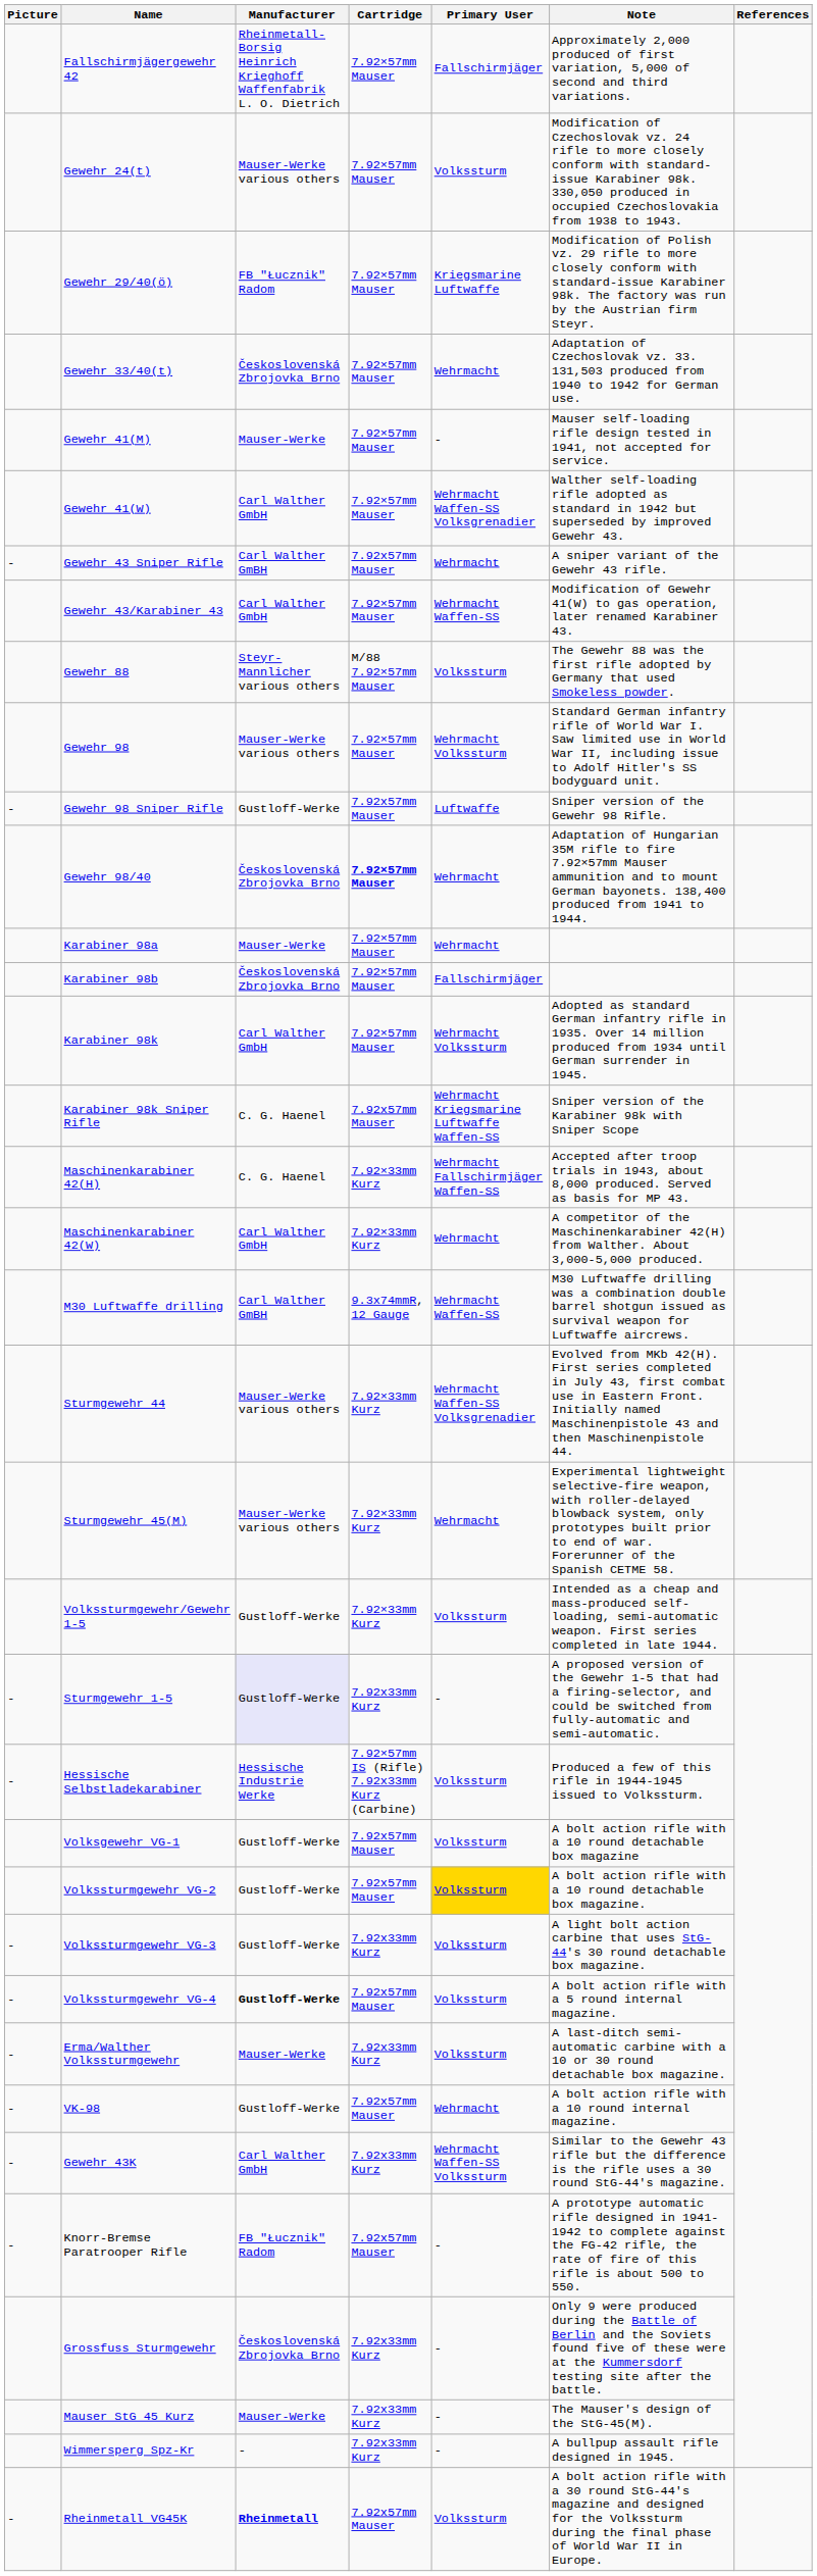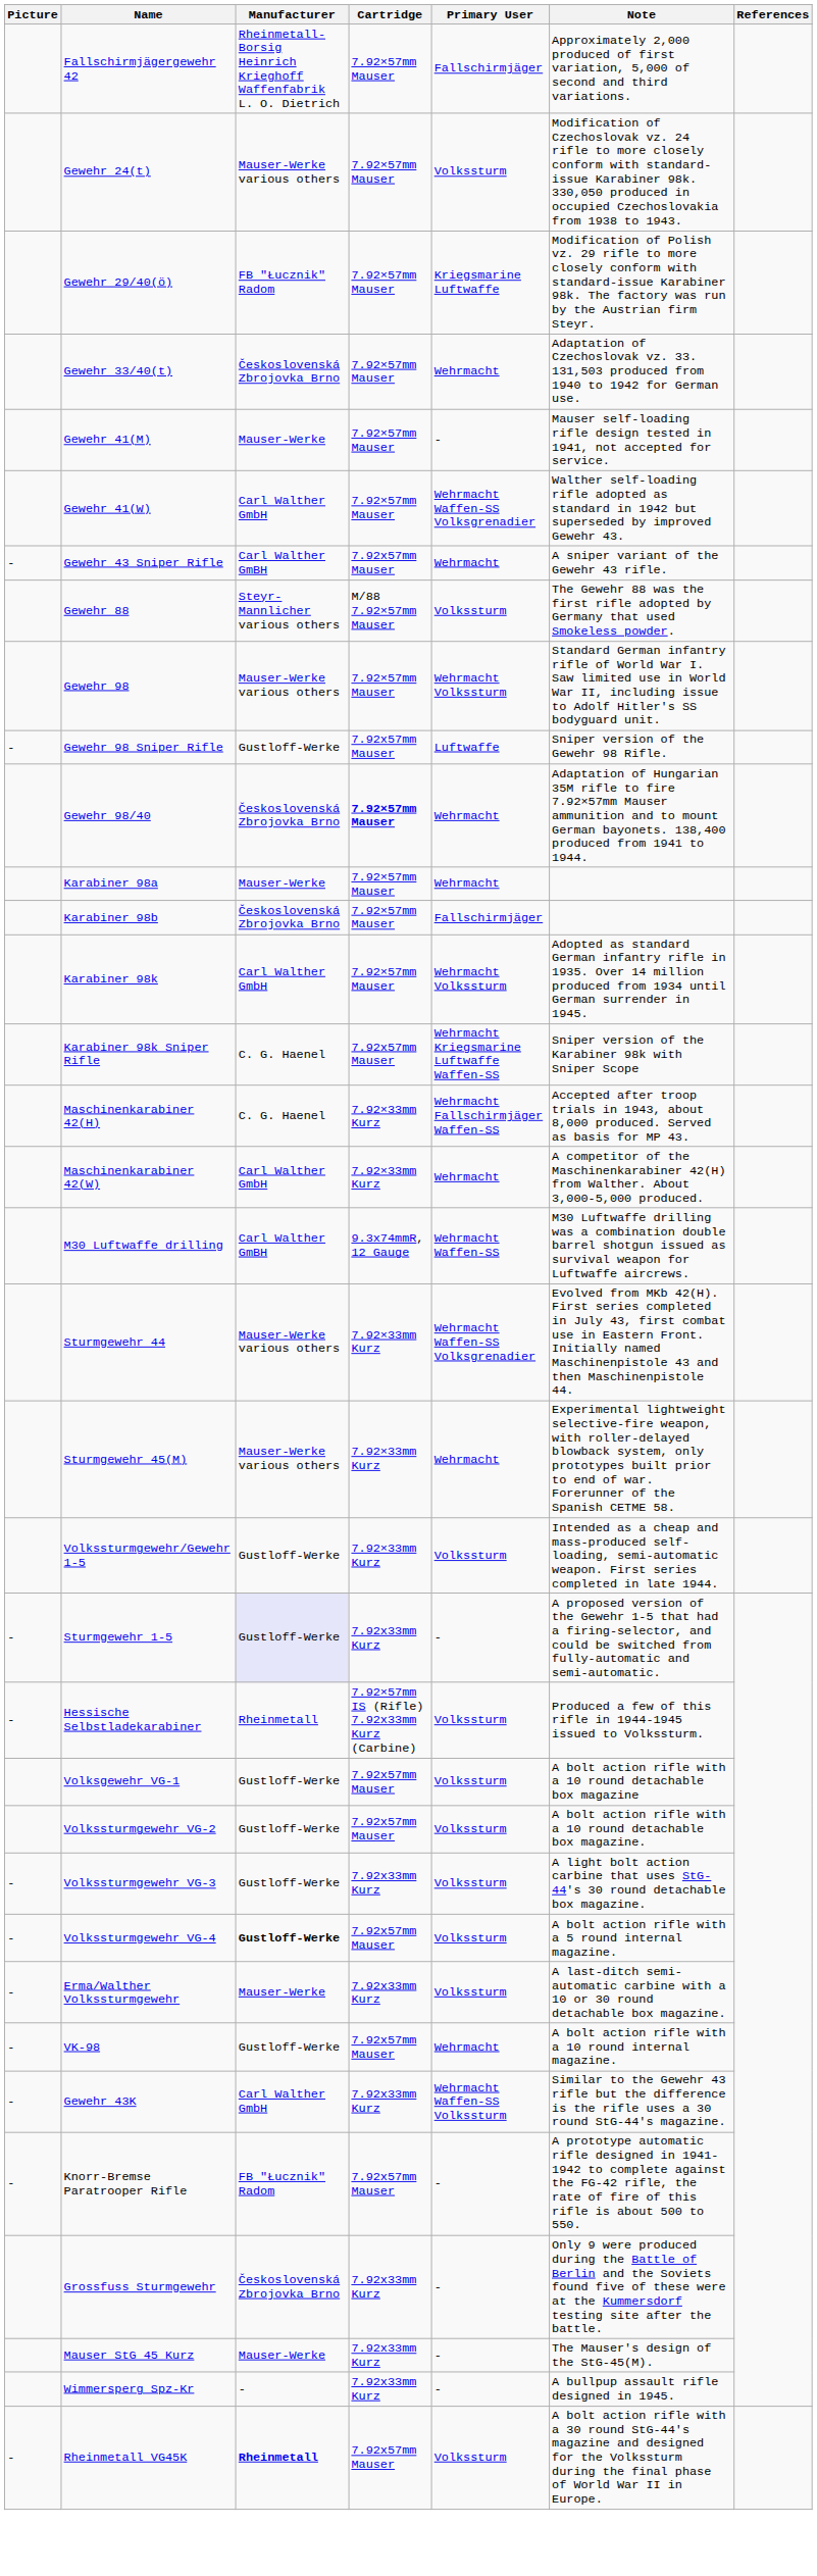 <table class="wikitable sortable">
 <tr>
 <th>Picture</th>
 <th>Name</th>
 <th>Manufacturer</th>
 <th>Cartridge</th>
 <th>Primary User</th>
 <th>Note</th>
 <th>References</th>
 </tr>
 <tr>
 <td></td>
 <td><a href='#'>Fallschirmjägergewehr 42</a></td>
 <td><a href='#'>Rheinmetall-Borsig</a> <br> <a href='#'>Heinrich Krieghoff Waffenfabrik</a> <br> L. O. Dietrich</td>
 <td><a href='#'>7.92×57mm Mauser</a></td>
 <td><a href='#'>Fallschirmjäger</a></td>
 <td>Approximately 2,000 produced of first variation, 5,000 of second and third variations.</td>
 <td></td>
 </tr>
 <tr>
 <td></td>
 <td><a href='#'>Gewehr 24(t)</a></td>
 <td><a href='#'>Mauser-Werke</a> <br> various others</td>
 <td><a href='#'>7.92×57mm Mauser</a></td>
 <td><a href='#'>Volkssturm</a></td>
 <td>Modification of Czechoslovak vz. 24 rifle to more closely conform with standard-issue Karabiner 98k. 330,050 produced in occupied Czechoslovakia from 1938 to 1943.</td>
 <td></td>
 </tr>
 <tr>
 <td></td>
 <td><a href='#'>Gewehr 29/40(ö)</a></td>
 <td><a href='#'>FB "Łucznik" Radom</a></td>
 <td><a href='#'>7.92×57mm Mauser</a></td>
 <td><a href='#'>Kriegsmarine</a><br><a href='#'>Luftwaffe</a></td>
 <td>Modification of Polish vz. 29 rifle to more closely conform with standard-issue Karabiner 98k.  The factory was run by the Austrian firm Steyr.</td>
 <td></td>
 </tr>
 <tr>
 <td><br></td>
 <td><a href='#'>Gewehr 33/40(t)</a></td>
 <td><a href='#'>Československá Zbrojovka Brno</a></td>
 <td><a href='#'>7.92×57mm Mauser</a></td>
 <td><a href='#'>Wehrmacht</a></td>
 <td>Adaptation of Czechoslovak vz. 33. 131,503 produced from 1940 to 1942 for German use.</td>
 <td></td>
 </tr>
 <tr>
 <td></td>
 <td><a href='#'>Gewehr 41(M)</a></td>
 <td><a href='#'>Mauser-Werke</a></td>
 <td><a href='#'>7.92×57mm Mauser</a></td>
 <td>-</td>
 <td>Mauser self-loading rifle design tested in 1941, not accepted for service.</td>
 <td></td>
 </tr>
 <tr>
 <td></td>
 <td><a href='#'>Gewehr 41(W)</a></td>
 <td><a href='#'>Carl Walther GmbH</a></td>
 <td><a href='#'>7.92×57mm Mauser</a></td>
 <td><a href='#'>Wehrmacht</a> <br> <a href='#'>Waffen-SS</a> <br> <a href='#'>Volksgrenadier</a></td>
 <td>Walther self-loading rifle adopted as standard in 1942 but superseded by improved Gewehr 43.</td>
 <td></td>
 </tr>
 <tr>
 <td>-</td>
 <td><a href='#'>Gewehr 43 Sniper Rifle</a></td>
 <td><a href='#'>Carl Walther GmBH</a></td>
 <td><a href='#'>7.92x57mm Mauser</a></td>
 <td><a href='#'>Wehrmacht</a></td>
 <td>A sniper variant of the Gewehr 43 rifle.</td>
-</tr>
-<tr>
-<td></td>
-<td><a href='#'>Gewehr 43/Karabiner 43</a></td>
-<td><a href='#'>Carl Walther GmbH</a></td>
-<td><a href='#'>7.92×57mm Mauser</a></td>
-<td><a href='#'>Wehrmacht</a> <br> <a href='#'>Waffen-SS</a></td>
-<td>Modification of Gewehr 41(W) to gas operation, later renamed Karabiner 43.</td>
-<td></td>
 </tr>
 <tr>
 <td></td>
 <td><a href='#'>Gewehr 88</a></td>
 <td><a href='#'>Steyr-Mannlicher</a> <br> various others</td>
 <td>M/88 <br> <a href='#'>7.92×57mm Mauser</a></td>
 <td><a href='#'>Volkssturm</a></td>
 <td>The Gewehr 88 was the first rifle adopted by Germany that used <a href='#'>Smokeless powder</a>.</td>
 <td></td>
 </tr>
 <tr>
 <td></td>
 <td><a href='#'>Gewehr 98</a></td>
 <td><a href='#'>Mauser-Werke</a> <br> various others</td>
 <td><a href='#'>7.92×57mm Mauser</a></td>
 <td><a href='#'>Wehrmacht</a> <br> <a href='#'>Volkssturm</a></td>
 <td>Standard German infantry rifle of World War I. Saw limited use in World War II, including issue to Adolf Hitler's SS bodyguard unit.</td>
 </tr>
 <tr>
 <td>-</td>
 <td><a href='#'>Gewehr 98 Sniper Rifle</a></td>
 <td>Gustloff-Werke</td>
 <td><a href='#'>7.92x57mm Mauser</a></td>
 <td><a href='#'>Luftwaffe</a></td>
 <td>Sniper version of the Gewehr 98 Rifle.</td>
 <td></td>
 </tr>
 <tr>
 <td></td>
 <td><a href='#'>Gewehr 98/40</a></td>
 <td><a href='#'>Československá Zbrojovka Brno</a></td>
 <td><strong><a href='#'>7.92×57mm Mauser</a></strong></td>
 <td><a href='#'>Wehrmacht</a></td>
 <td>Adaptation of Hungarian 35M rifle to fire 7.92×57mm Mauser ammunition and to mount German bayonets. 138,400 produced from 1941 to 1944.</td>
 <td></td>
 </tr>
 <tr>
 <td></td>
 <td><a href='#'>Karabiner 98a</a></td>
 <td><a href='#'>Mauser-Werke</a></td>
 <td><a href='#'>7.92×57mm Mauser</a></td>
 <td><a href='#'>Wehrmacht</a></td>
 <td></td>
 <td></td>
 </tr>
 <tr>
 <td></td>
 <td><a href='#'>Karabiner 98b</a></td>
 <td><a href='#'>Československá Zbrojovka Brno</a></td>
 <td><a href='#'>7.92×57mm Mauser</a></td>
 <td><a href='#'>Fallschirmjäger</a></td>
 <td></td>
 <td></td>
 </tr>
 <tr>
 <td></td>
 <td><a href='#'>Karabiner 98k</a></td>
 <td><a href='#'>Carl Walther GmbH</a></td>
 <td><a href='#'>7.92×57mm Mauser</a></td>
 <td><a href='#'>Wehrmacht</a> <br> <a href='#'>Volkssturm</a></td>
 <td>Adopted as standard German infantry rifle in 1935. Over 14 million produced from 1934 until German surrender in 1945.</td>
 <td></td>
 </tr>
 <tr>
 <td></td>
 <td><a href='#'>Karabiner 98k Sniper Rifle</a></td>
 <td>C. G. Haenel</td>
 <td><a href='#'>7.92x57mm Mauser</a></td>
 <td><a href='#'>Wehrmacht</a> <br> <a href='#'>Kriegsmarine</a> <br> <a href='#'>Luftwaffe</a> <br> <a href='#'>Waffen-SS</a></td>
 <td>Sniper version of the Karabiner 98k with Sniper Scope</td>
 <td></td>
 </tr>
 <tr>
 <td></td>
 <td><a href='#'>Maschinenkarabiner 42(H)</a></td>
 <td>C. G. Haenel</td>
 <td><a href='#'>7.92×33mm Kurz</a></td>
 <td><a href='#'>Wehrmacht</a><br><a href='#'>Fallschirmjäger</a> <a href='#'>Waffen-SS</a></td>
 <td>Accepted after troop trials in 1943, about 8,000 produced. Served as basis for MP 43.</td>
 <td></td>
 </tr>
 <tr>
 <td></td>
 <td><a href='#'>Maschinenkarabiner 42(W)</a></td>
 <td><a href='#'>Carl Walther GmbH</a></td>
 <td><a href='#'>7.92×33mm Kurz</a></td>
 <td><a href='#'>Wehrmacht</a></td>
 <td>A competitor of the Maschinenkarabiner 42(H) from Walther.  About 3,000-5,000 produced.</td>
 <td></td>
 </tr>
 <tr>
 <td></td>
 <td><a href='#'>M30 Luftwaffe drilling</a></td>
 <td><a href='#'>Carl Walther GmBH</a></td>
 <td><a href='#'>9.3x74mmR</a>, <a href='#'>12 Gauge</a></td>
 <td><a href='#'>Wehrmacht</a> <br> <a href='#'>Waffen-SS</a></td>
 <td>M30 Luftwaffe drilling was a combination double barrel shotgun issued as survival weapon for Luftwaffe aircrews.</td>
 <td></td>
 </tr>
 <tr>
 <td></td>
 <td><a href='#'>Sturmgewehr 44</a></td>
 <td><a href='#'>Mauser-Werke</a> <br> various others</td>
 <td><a href='#'>7.92×33mm Kurz</a></td>
 <td><a href='#'>Wehrmacht</a> <br> <a href='#'>Waffen-SS</a> <br> <a href='#'>Volksgrenadier</a></td>
 <td>Evolved from MKb 42(H). First series completed in July 43, first combat use in Eastern Front. Initially named Maschinenpistole 43 and then Maschinenpistole 44.</td>
 <td></td>
 </tr>
 <tr>
 <td></td>
 <td><a href='#'>Sturmgewehr 45(M)</a></td>
 <td><a href='#'>Mauser-Werke</a> <br> various others</td>
 <td><a href='#'>7.92×33mm Kurz</a></td>
 <td><a href='#'>Wehrmacht</a></td>
 <td>Experimental lightweight selective-fire weapon, with roller-delayed blowback system, only prototypes built prior to end of war. Forerunner of the Spanish CETME 58.</td>
 <td></td>
 </tr>
 <tr>
 <td></td>
 <td><a href='#'>Volkssturmgewehr/Gewehr 1-5</a></td>
 <td>Gustloff-Werke</td>
 <td><a href='#'>7.92×33mm Kurz</a></td>
 <td><a href='#'>Volkssturm</a></td>
 <td>Intended as a cheap and mass-produced self-loading, semi-automatic weapon. First series completed in late 1944.</td>
 <td></td>
 </tr>
 <tr>
 <td>-</td>
 <td><a href='#'>Sturmgewehr 1-5</a></td>
 <td style="background: lavender;">Gustloff-Werke</td>
 <td><a href='#'>7.92x33mm Kurz</a></td>
 <td>-</td>
 <td>A proposed version of the Gewehr 1-5 that had a firing-selector, and could be switched from fully-automatic and semi-automatic.</td>
 </tr>
 <tr>
 <td>-</td>
 <td><a href='#'>Hessische Selbstladekarabiner</a></td>
-<td><a href='#'>Hessische Industrie Werke</a></td>
+<td><a href='#'>Rheinmetall</a></td>
 <td><a href='#'>7.92×57mm IS</a> (Rifle) <br> <a href='#'>7.92x33mm Kurz</a> (Carbine)</td>
 <td><a href='#'>Volkssturm</a></td>
 <td>Produced a few of this rifle in 1944-1945 issued to Volkssturm.</td>
 </tr>
 <tr>
 <td></td>
 <td><a href='#'>Volksgewehr VG-1</a></td>
 <td>Gustloff-Werke</td>
 <td><a href='#'>7.92x57mm Mauser</a></td>
 <td><a href='#'>Volkssturm</a></td>
 <td>A bolt action rifle with a 10 round detachable box magazine</td>
 </tr>
 <tr>
 <td></td>
 <td><a href='#'>Volkssturmgewehr VG-2</a></td>
 <td>Gustloff-Werke</td>
 <td><a href='#'>7.92x57mm Mauser</a></td>
-<td style="background: gold;"><a href='#'>Volkssturm</a></td>
+<td><a href='#'>Volkssturm</a></td>
 <td>A bolt action rifle with a 10 round detachable box magazine.</td>
 </tr>
 <tr>
 <td>-</td>
 <td><a href='#'>Volkssturmgewehr VG-3</a></td>
 <td>Gustloff-Werke</td>
 <td><a href='#'>7.92x33mm Kurz</a></td>
 <td><a href='#'>Volkssturm</a></td>
 <td>A light bolt action carbine that uses <a href='#'>StG-44</a>'s 30 round detachable box magazine.</td>
 </tr>
 <tr>
 <td>-</td>
 <td><a href='#'>Volkssturmgewehr VG-4</a></td>
 <td><strong>Gustloff-Werke</strong></td>
 <td><a href='#'>7.92x57mm Mauser</a></td>
 <td><a href='#'>Volkssturm</a></td>
 <td>A bolt action rifle with a 5 round internal magazine.</td>
 </tr>
 <tr>
 <td>-</td>
 <td><a href='#'>Erma/Walther Volkssturmgewehr</a></td>
 <td><a href='#'>Mauser-Werke</a></td>
 <td><a href='#'>7.92x33mm Kurz</a></td>
 <td><a href='#'>Volkssturm</a></td>
 <td>A last-ditch semi-automatic carbine with a 10 or 30 round detachable box magazine.</td>
 </tr>
 <tr>
 <td>-</td>
 <td><a href='#'>VK-98</a></td>
 <td>Gustloff-Werke</td>
 <td><a href='#'>7.92x57mm Mauser</a></td>
 <td><a href='#'>Wehrmacht</a></td>
 <td>A bolt action rifle with a 10 round internal magazine.</td>
 </tr>
 <tr>
 <td>-</td>
 <td><a href='#'>Gewehr 43K</a></td>
 <td><a href='#'>Carl Walther GmbH</a></td>
 <td><a href='#'>7.92x33mm Kurz</a></td>
 <td><a href='#'>Wehrmacht</a> <br> <a href='#'>Waffen-SS</a> <br> <a href='#'>Volkssturm</a></td>
 <td>Similar to the Gewehr 43 rifle but the difference is the rifle uses a 30 round StG-44's magazine.</td>
 </tr>
 <tr>
 <td>-</td>
 <td>Knorr-Bremse Paratrooper Rifle</td>
 <td><a href='#'>FB "Łucznik" Radom</a></td>
 <td><a href='#'>7.92x57mm Mauser</a></td>
 <td>-</td>
 <td>A prototype automatic rifle designed in 1941-1942 to complete against the FG-42 rifle, the rate of fire of this rifle is about 500 to 550.</td>
 </tr>
 <tr>
 <td></td>
 <td><a href='#'>Grossfuss Sturmgewehr</a></td>
 <td><a href='#'>Československá Zbrojovka Brno</a></td>
 <td><a href='#'>7.92x33mm Kurz</a></td>
 <td>-</td>
 <td>Only 9 were produced during the <a href='#'>Battle of Berlin</a> and the Soviets found five of these were at the <a href='#'>Kummersdorf</a> testing site after the battle.</td>
 </tr>
 <tr>
 <td></td>
 <td><a href='#'>Mauser StG 45 Kurz</a></td>
 <td><a href='#'>Mauser-Werke</a></td>
 <td><a href='#'>7.92x33mm Kurz</a></td>
 <td>-</td>
 <td>The Mauser's design of the StG-45(M).</td>
 </tr>
 <tr>
 <td></td>
 <td><a href='#'>Wimmersperg Spz-Kr</a></td>
 <td>-</td>
 <td><a href='#'>7.92x33mm Kurz</a></td>
 <td>-</td>
 <td>A bullpup assault rifle designed in 1945.</td>
 </tr>
 <tr>
 <td>-</td>
 <td><a href='#'>Rheinmetall VG45K</a></td>
 <td><strong><a href='#'>Rheinmetall</a></strong></td>
 <td><a href='#'>7.92x57mm Mauser</a></td>
 <td><a href='#'>Volkssturm</a></td>
 <td>A bolt action rifle with a 30 round StG-44's magazine and designed for the Volkssturm during the final phase of World War II in Europe.</td>
 <td></td>
 </tr>
 </table>
